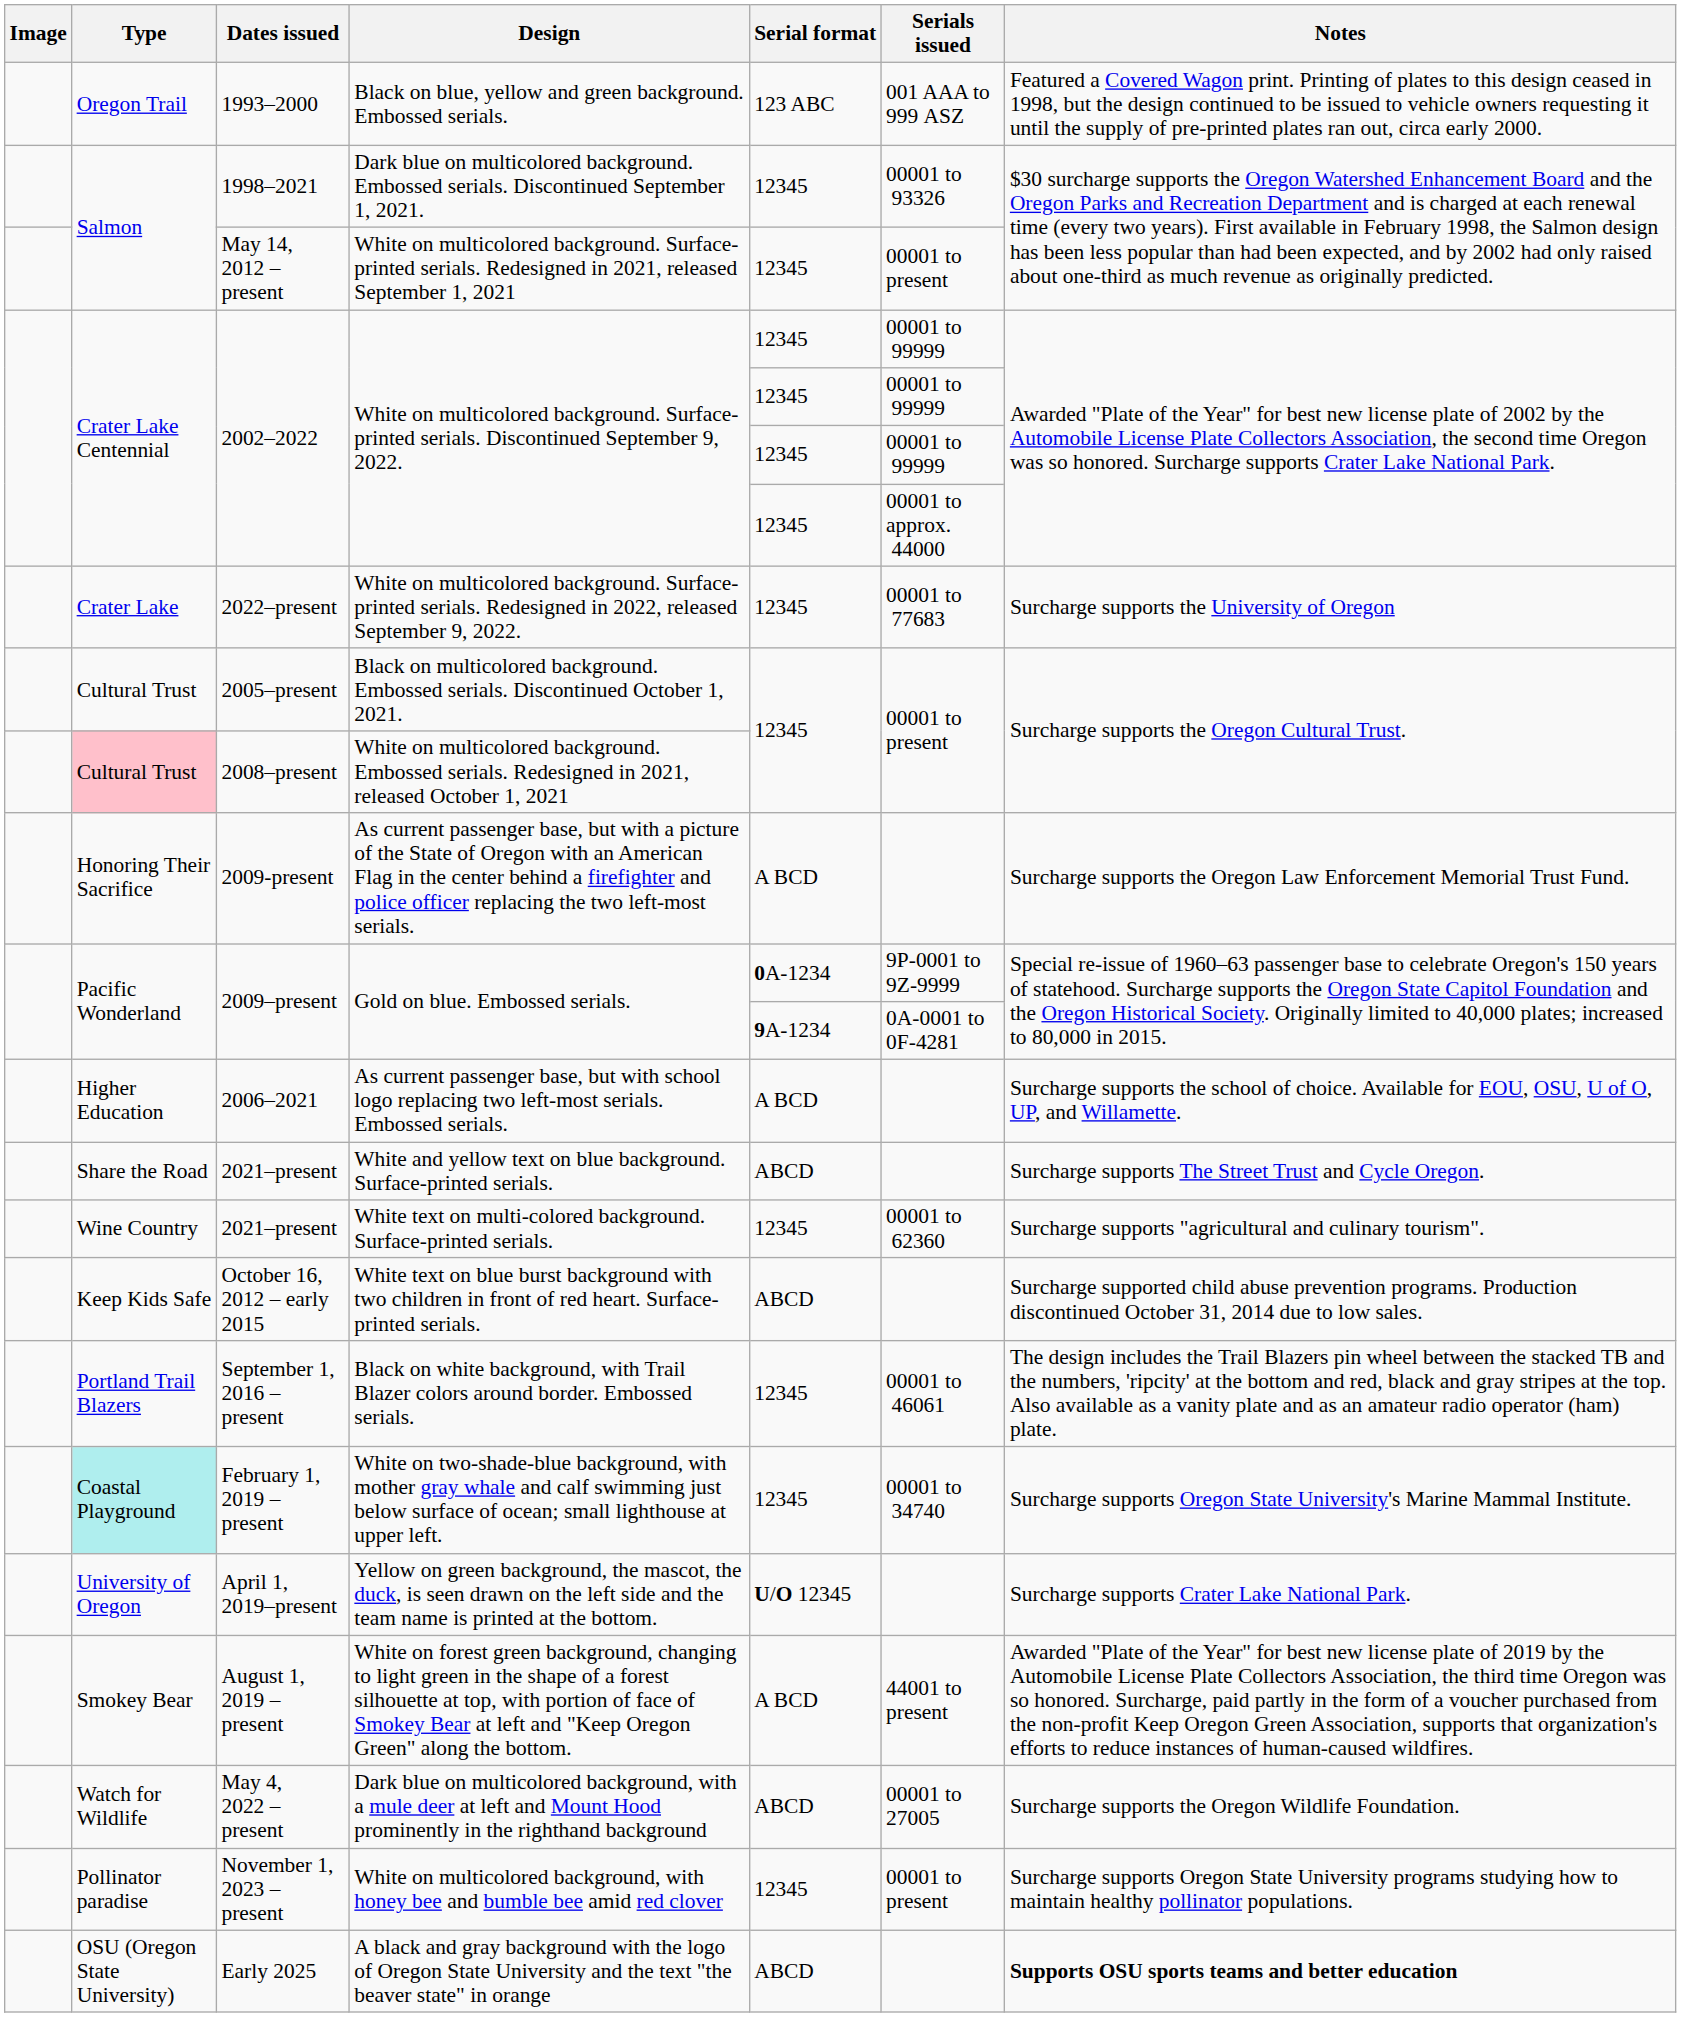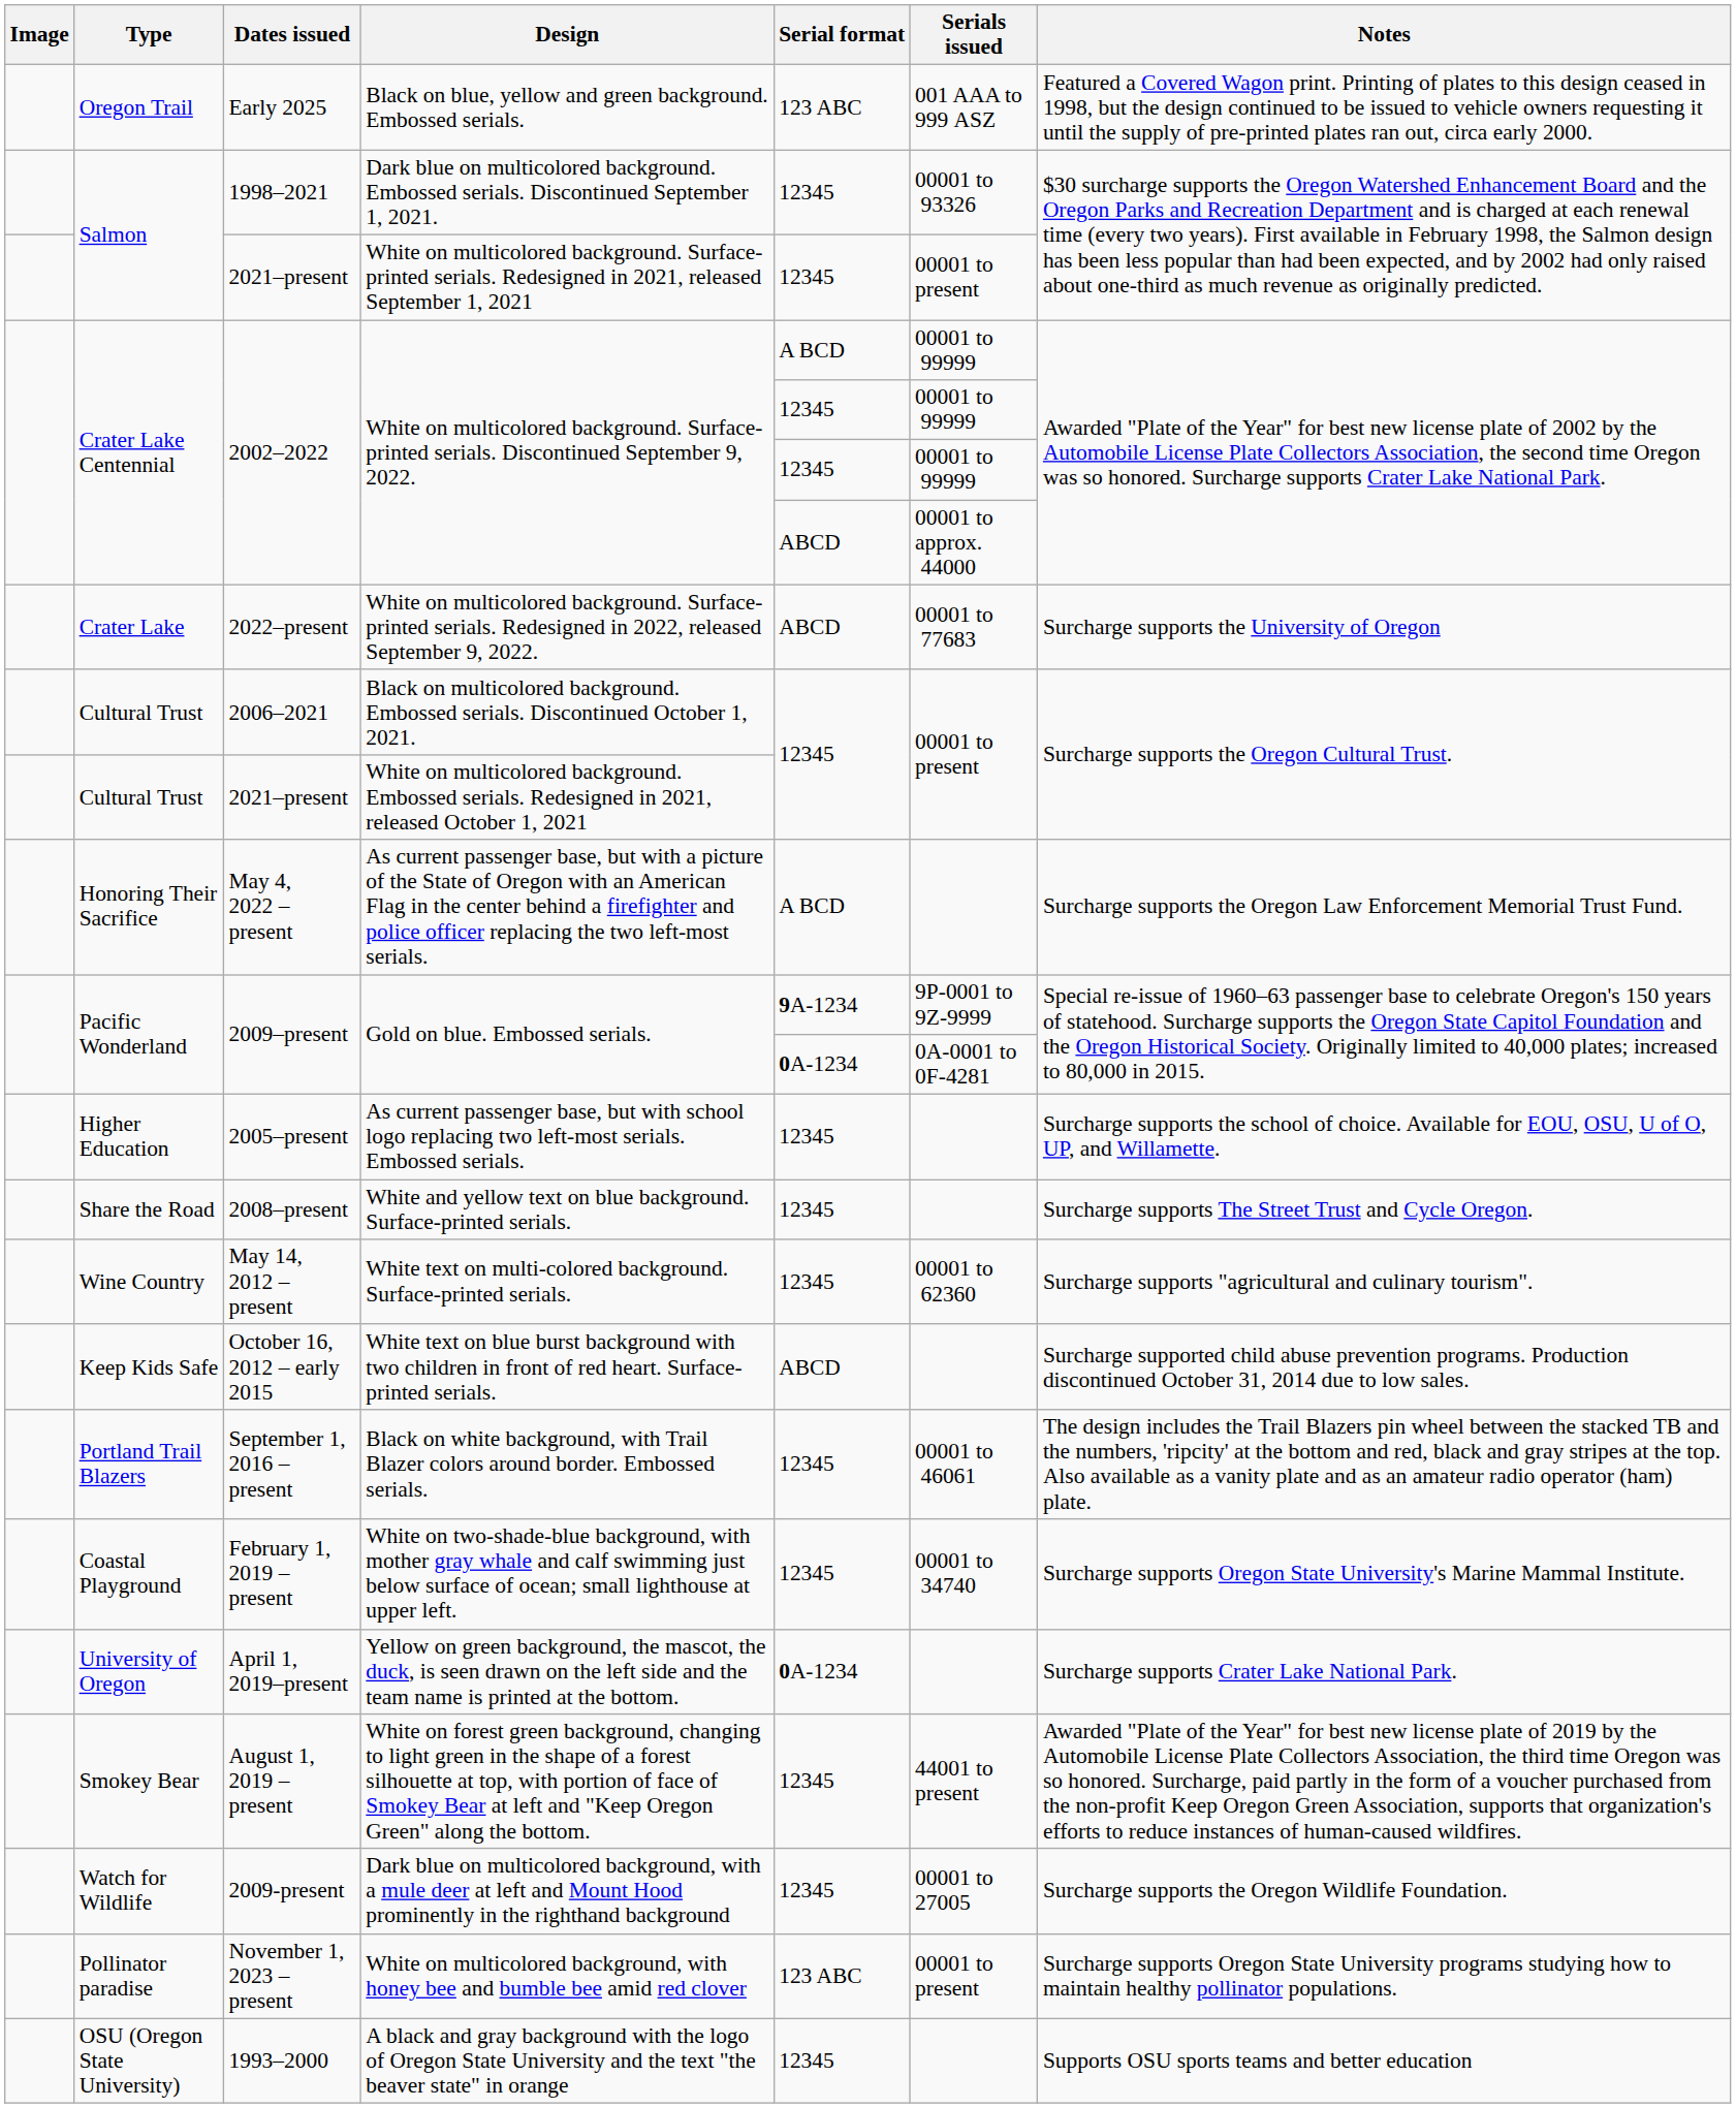 <table class="wikitable">
 <tr>
 <th>Image</th>
 <th>Type</th>
 <th>Dates issued</th>
 <th>Design</th>
 <th>Serial format</th>
 <th style="width:85px;">Serials issued</th>
 <th>Notes</th>
 </tr>
 <tr>
 <td></td>
 <td><a href='#'>Oregon Trail</a></td>
-<td>1993–2000</td>
+<td>Early 2025</td>
 <td>Black on blue, yellow and green background. Embossed serials.</td>
 <td>123 ABC</td>
 <td>001 AAA to 999 ASZ</td>
 <td>Featured a <a href='#'>Covered Wagon</a> print. Printing of plates to this design ceased in 1998, but the design continued to be issued to vehicle owners requesting it until the supply of pre-printed plates ran out, circa early 2000.</td>
 </tr>
 <tr>
 <td></td>
 <td rowspan="2"><a href='#'>Salmon</a></td>
 <td>1998–2021</td>
 <td>Dark blue on multicolored background. Embossed serials. Discontinued September 1, 2021.</td>
 <td> 12345</td>
 <td> 00001 to  93326 </td>
 <td rowspan="2">$30 surcharge supports the <a href='#'>Oregon Watershed Enhancement Board</a> and the <a href='#'>Oregon Parks and Recreation Department</a> and is charged at each renewal time (every two years). First available in February 1998, the Salmon design has been less popular than had been expected, and by 2002 had only raised about one-third as much revenue as originally predicted.</td>
 </tr>
 <tr>
 <td></td>
-<td>May 14, 2012 – present</td>
+<td>2021–present</td>
 <td>White on multicolored background. Surface-printed serials. Redesigned in 2021, released September 1, 2021</td>
 <td> 12345</td>
 <td> 00001 to present</td>
 </tr>
 <tr>
 <td rowspan="4"><br> <br></td>
 <td rowspan="4"><a href='#'>Crater Lake</a> Centennial</td>
 <td rowspan="4">2002–2022</td>
 <td rowspan="4">White on multicolored background. Surface-printed serials. Discontinued September 9, 2022.</td>
-<td> 12345</td>
+<td>A BCD</td>
 <td> 00001 to  99999</td>
 <td rowspan="4">Awarded "Plate of the Year" for best new license plate of 2002 by the <a href='#'>Automobile License Plate Collectors Association</a>, the second time Oregon was so honored. Surcharge supports <a href='#'>Crater Lake National Park</a>.</td>
 </tr>
 <tr>
 <td> 12345</td>
 <td> 00001 to  99999</td>
 </tr>
 <tr>
 <td> 12345</td>
 <td> 00001 to  99999</td>
 </tr>
 <tr>
-<td> 12345</td>
+<td>ABCD</td>
 <td> 00001 to approx.  44000</td>
 </tr>
 <tr>
 <td></td>
 <td><a href='#'>Crater Lake</a></td>
 <td>2022–present</td>
 <td>White on multicolored background. Surface-printed serials. Redesigned in 2022, released September 9, 2022.</td>
-<td> 12345</td>
+<td>ABCD</td>
 <td> 00001 to  77683 </td>
 <td>Surcharge supports the <a href='#'>University of Oregon</a></td>
 </tr>
 <tr>
 <td></td>
 <td>Cultural Trust</td>
-<td>2005–present</td>
+<td>2006–2021</td>
 <td>Black on multicolored background. Embossed serials. Discontinued October 1, 2021.</td>
 <td rowspan="2"> 12345</td>
 <td rowspan="2"> 00001 to present</td>
 <td rowspan="2">Surcharge supports the <a href='#'>Oregon Cultural Trust</a>.</td>
 </tr>
 <tr>
 <td></td>
-<td style="background: pink;">Cultural Trust</td>
-<td>2008–present</td>
+<td>Cultural Trust</td>
+<td>2021–present</td>
 <td>White on multicolored background. Embossed serials. Redesigned in 2021, released October 1, 2021</td>
 </tr>
 <tr>
 <td></td>
 <td>Honoring Their Sacrifice</td>
-<td>2009-present</td>
+<td>May 4, 2022 – present</td>
 <td>As current passenger base, but with a picture of the State of Oregon with an American Flag in the center behind a <a href='#'>firefighter</a> and <a href='#'>police officer</a> replacing the two left-most serials.</td>
 <td>A BCD</td>
 <td></td>
 <td>Surcharge supports the Oregon Law Enforcement Memorial Trust Fund.</td>
 </tr>
 <tr>
 <td rowspan="2"><br><br></td>
 <td rowspan="2">Pacific Wonderland</td>
 <td rowspan="2">2009–present</td>
 <td rowspan="2">Gold on blue. Embossed serials.</td>
-<td><strong>0</strong>A-1234</td>
+<td><strong>9</strong>A-1234</td>
 <td>9P-0001 to 9Z-9999</td>
 <td rowspan="2">Special re-issue of 1960–63 passenger base to celebrate Oregon's 150 years of statehood. Surcharge supports the <a href='#'>Oregon State Capitol Foundation</a> and the <a href='#'>Oregon Historical Society</a>. Originally limited to 40,000 plates; increased to 80,000 in 2015.</td>
 </tr>
 <tr>
-<td><strong>9</strong>A-1234</td>
+<td><strong>0</strong>A-1234</td>
 <td>0A-0001 to 0F-4281 </td>
 </tr>
 <tr>
 <td></td>
 <td>Higher Education</td>
-<td>2006–2021</td>
+<td>2005–present</td>
 <td>As current passenger base, but with school logo replacing two left-most serials. Embossed serials.</td>
-<td>A BCD</td>
+<td> 12345</td>
 <td></td>
 <td>Surcharge supports the school of choice. Available for <a href='#'>EOU</a>, <a href='#'>OSU</a>, <a href='#'>U of O</a>, <a href='#'>UP</a>, and <a href='#'>Willamette</a>.</td>
 </tr>
 <tr>
 <td></td>
 <td>Share the Road</td>
-<td>2021–present</td>
+<td>2008–present</td>
 <td>White and yellow text on blue background. Surface-printed serials.</td>
-<td>ABCD</td>
+<td> 12345</td>
 <td></td>
 <td>Surcharge supports <a href='#'>The Street Trust</a> and <a href='#'>Cycle Oregon</a>.</td>
 </tr>
 <tr>
 <td></td>
 <td>Wine Country</td>
-<td>2021–present</td>
+<td>May 14, 2012 – present</td>
 <td>White text on multi-colored background. Surface-printed serials.</td>
 <td> 12345</td>
 <td> 00001 to  62360 </td>
 <td>Surcharge supports "agricultural and culinary tourism".</td>
 </tr>
 <tr>
 <td></td>
 <td>Keep Kids Safe</td>
 <td>October 16, 2012 – early 2015</td>
 <td>White text on blue burst background with two children in front of red heart. Surface-printed serials.</td>
 <td>ABCD</td>
 <td></td>
 <td>Surcharge supported child abuse prevention programs. Production discontinued October 31, 2014 due to low sales.</td>
 </tr>
 <tr>
 <td></td>
 <td><a href='#'>Portland Trail Blazers</a></td>
 <td>September 1, 2016 – present</td>
 <td>Black on white background, with Trail Blazer colors around border. Embossed serials.</td>
 <td> 12345</td>
 <td> 00001 to  46061 </td>
 <td>The design includes the Trail Blazers pin wheel between the stacked TB and the numbers, 'ripcity' at the bottom and red, black and gray stripes at the top. Also available as a vanity plate and as an amateur radio operator (ham) plate.</td>
 </tr>
 <tr>
 <td></td>
-<td style="background: paleturquoise;">Coastal Playground</td>
+<td>Coastal Playground</td>
 <td>February 1, 2019 – present</td>
 <td>White on two-shade-blue background, with mother <a href='#'>gray whale</a> and calf swimming just below surface of ocean; small lighthouse at upper left.</td>
 <td> 12345</td>
 <td> 00001 to  34740 </td>
 <td>Surcharge supports <a href='#'>Oregon State University</a>'s Marine Mammal Institute.</td>
 </tr>
 <tr>
 <td></td>
 <td><a href='#'>University of Oregon</a></td>
 <td>April 1, 2019–present</td>
 <td>Yellow on green background, the mascot, the <a href='#'>duck</a>, is seen drawn on the left side and the team name is printed at the bottom.</td>
-<td><strong>U</strong>/<strong>O</strong> 12345</td>
+<td><strong>0</strong>A-1234</td>
 <td></td>
 <td>Surcharge supports <a href='#'>Crater Lake National Park</a>.</td>
 </tr>
 <tr>
 <td></td>
 <td>Smokey Bear</td>
 <td>August 1, 2019 – present</td>
 <td>White on forest green background, changing to light green in the shape of a forest silhouette at top, with portion of face of <a href='#'>Smokey Bear</a> at left and "Keep Oregon Green" along the bottom.</td>
-<td>A BCD</td>
+<td> 12345</td>
 <td> 44001 to present</td>
 <td>Awarded "Plate of the Year" for best new license plate of 2019 by the Automobile License Plate Collectors Association, the third time Oregon was so honored. Surcharge, paid partly in the form of a voucher purchased from the non-profit Keep Oregon Green Association, supports that organization's efforts to reduce instances of human-caused wildfires.</td>
 </tr>
 <tr>
 <td></td>
 <td>Watch for Wildlife</td>
-<td>May 4, 2022 – present</td>
+<td>2009-present</td>
 <td>Dark blue on multicolored background, with a <a href='#'>mule deer</a> at left and <a href='#'>Mount Hood</a> prominently in the righthand background</td>
-<td>ABCD</td>
+<td> 12345</td>
 <td> 00001 to  27005 </td>
 <td>Surcharge supports the Oregon Wildlife Foundation.</td>
 </tr>
 <tr>
 <td></td>
 <td>Pollinator paradise</td>
 <td>November 1, 2023 – present</td>
 <td>White on multicolored background, with <a href='#'>honey bee</a> and <a href='#'>bumble bee</a> amid <a href='#'>red clover</a></td>
-<td> 12345</td>
+<td>123 ABC</td>
 <td> 00001 to present</td>
 <td>Surcharge supports Oregon State University programs studying how to maintain healthy <a href='#'>pollinator</a> populations.</td>
 </tr>
 <tr>
 <td></td>
 <td>OSU (Oregon State University)</td>
-<td>Early 2025</td>
+<td>1993–2000</td>
 <td>A black and gray background with the logo of Oregon State University and the text "the beaver state" in orange</td>
-<td>ABCD</td>
+<td> 12345</td>
 <td></td>
-<td><strong>Supports OSU sports teams and better education</strong></td>
+<td>Supports OSU sports teams and better education</td>
 </tr>
 </table>
